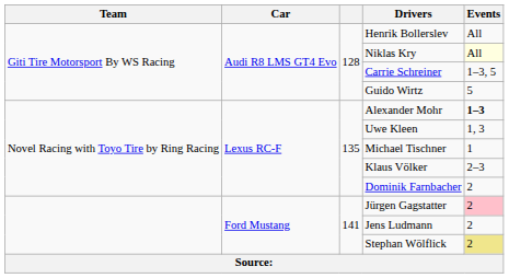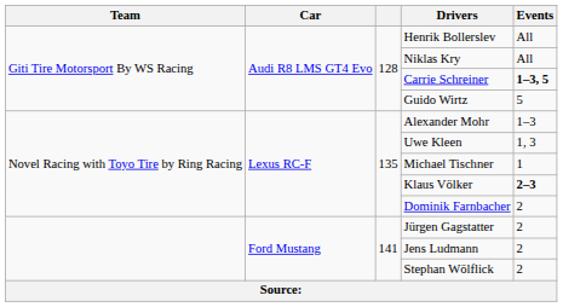 <table class="wikitable" style="font-size: 85%">
 <tr>
 <th>Team</th>
 <th>Car</th>
 <th></th>
 <th>Drivers</th>
 <th>Events</th>
 </tr>
 <tr>
 <td rowspan=4> <a href='#'>Giti Tire Motorsport</a> By WS Racing</td>
 <td rowspan=4><a href='#'>Audi R8 LMS GT4 Evo</a></td>
 <td rowspan=4>128</td>
 <td> Henrik Bollerslev</td>
 <td>All</td>
 </tr>
 <tr>
 <td> Niklas Kry</td>
-<td style="background: lightyellow;">All</td>
+<td>All</td>
 </tr>
 <tr>
 <td> <a href='#'>Carrie Schreiner</a></td>
-<td>1–3, 5</td>
+<td><strong>1–3, 5</strong></td>
 </tr>
 <tr>
 <td> Guido Wirtz</td>
 <td>5</td>
 </tr>
 <tr>
 <td rowspan=5> Novel Racing with <a href='#'>Toyo Tire</a> by Ring Racing</td>
 <td rowspan=5><a href='#'>Lexus RC-F</a></td>
 <td rowspan=5>135</td>
 <td> Alexander Mohr</td>
-<td><strong>1–3</strong></td>
+<td>1–3</td>
 </tr>
 <tr>
 <td> Uwe Kleen</td>
 <td>1, 3</td>
 </tr>
 <tr>
 <td> Michael Tischner</td>
 <td>1</td>
 </tr>
 <tr>
 <td> Klaus Völker</td>
-<td>2–3</td>
+<td><strong>2–3</strong></td>
 </tr>
 <tr>
 <td> <a href='#'>Dominik Farnbacher</a></td>
 <td>2</td>
 </tr>
 <tr>
 <td rowspan=3></td>
 <td rowspan=3><a href='#'>Ford Mustang</a></td>
 <td rowspan=3>141</td>
 <td> Jürgen Gagstatter</td>
-<td style="background: pink;">2</td>
+<td>2</td>
 </tr>
 <tr>
 <td> Jens Ludmann</td>
 <td>2</td>
 </tr>
 <tr>
 <td> Stephan Wölflick</td>
-<td style="background: khaki;">2</td>
+<td>2</td>
 </tr>
 <tr>
 <th colspan=5>Source:</th>
 </tr>
 </table>
